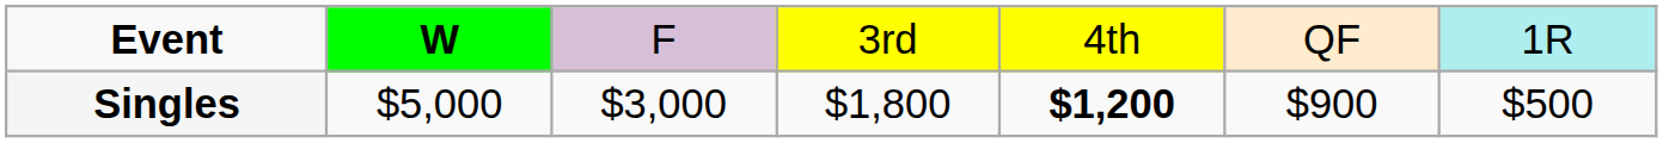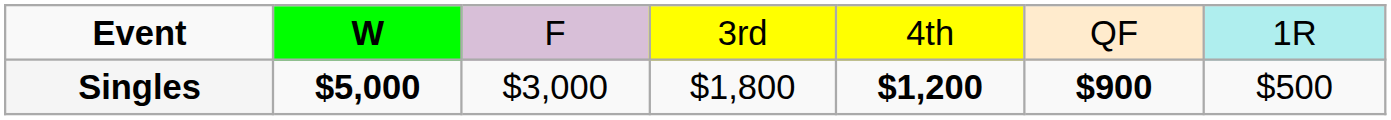 <table class=wikitable style=font-size:95%;text-align:center>
 <tr>
 <td style="width:130px"><strong>Event</strong></td>
 <td style="width:85px; background:lime"><strong>W</strong></td>
 <td style="width:85px; background:thistle">F</td>
 <td style="width:85px; background:#ffff00">3rd</td>
 <td style="width:85px; background:#ffff00">4th</td>
 <td style="width:85px; background:#ffebcd">QF</td>
 <td style="width:85px; background:#afeeee">1R</td>
 </tr>
 <tr>
 <th style=background:#f5f5f5>Singles</th>
-<td>$5,000</td>
+<td><strong>$5,000</strong></td>
 <td>$3,000</td>
 <td>$1,800</td>
 <td><strong>$1,200</strong></td>
-<td>$900</td>
+<td><strong>$900</strong></td>
 <td>$500</td>
 </tr>
 </table>
